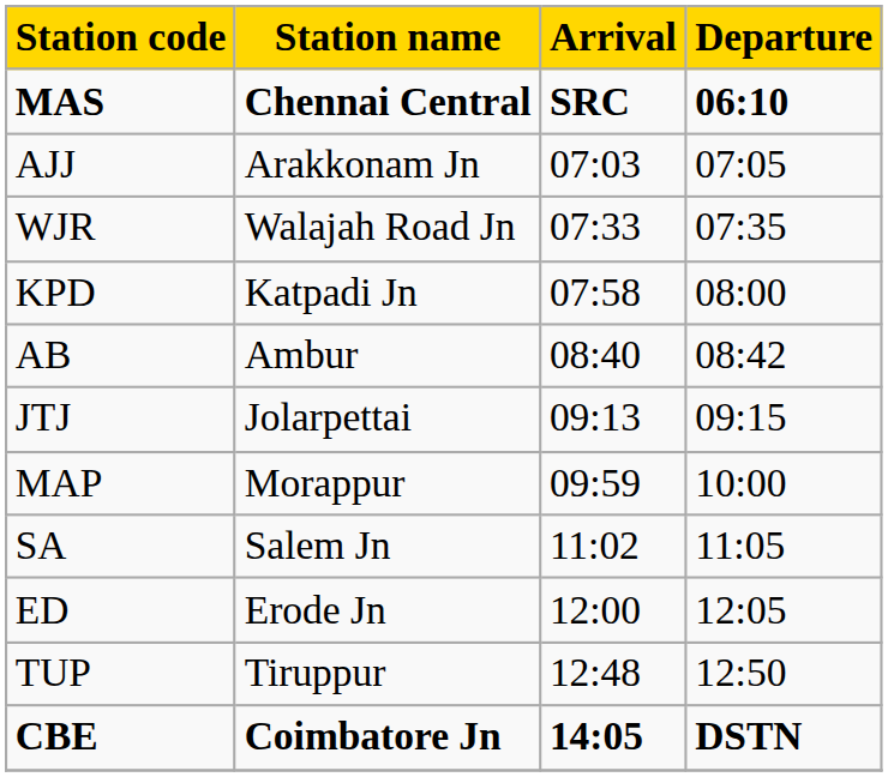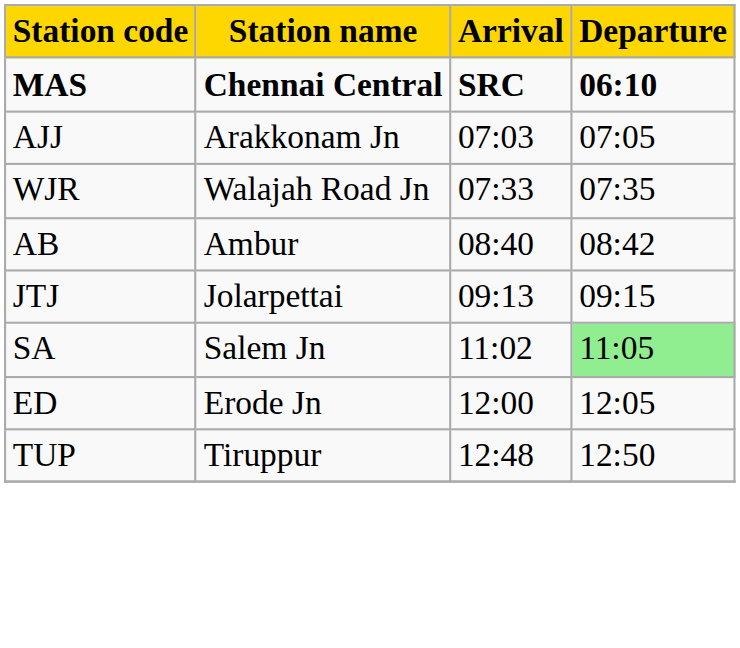 <table class="wikitable">
 <tr>
 <th style="background:gold;">Station code</th>
 <th ! style="background:gold;">Station name</th>
 <th ! style="background:gold;">Arrival</th>
 <th ! style="background:gold;">Departure</th>
 </tr>
 <tr>
 <td><strong>MAS</strong></td>
 <td><strong>Chennai Central</strong></td>
 <td><strong>SRC</strong></td>
 <td><strong>06:10</strong></td>
 </tr>
 <tr>
 <td>AJJ</td>
 <td>Arakkonam Jn</td>
 <td>07:03</td>
 <td>07:05</td>
 </tr>
 <tr>
 <td>WJR</td>
 <td>Walajah Road Jn</td>
 <td>07:33</td>
 <td>07:35</td>
 </tr>
 <tr>
-<td>KPD</td>
-<td>Katpadi Jn</td>
-<td>07:58</td>
-<td>08:00</td>
-</tr>
-<tr>
 <td>AB</td>
 <td>Ambur</td>
 <td>08:40</td>
 <td>08:42</td>
 </tr>
 <tr>
 <td>JTJ</td>
 <td>Jolarpettai</td>
 <td>09:13</td>
 <td>09:15</td>
 </tr>
 <tr>
-<td>MAP</td>
-<td>Morappur</td>
-<td>09:59</td>
-<td>10:00</td>
-</tr>
-<tr>
 <td>SA</td>
 <td>Salem Jn</td>
 <td>11:02</td>
-<td>11:05</td>
+<td style="background: lightgreen;">11:05</td>
 </tr>
 <tr>
 <td>ED</td>
 <td>Erode Jn</td>
 <td>12:00</td>
 <td>12:05</td>
 </tr>
 <tr>
 <td>TUP</td>
 <td>Tiruppur</td>
 <td>12:48</td>
 <td>12:50</td>
 </tr>
 <tr>
-<td><strong>CBE</strong></td>
-<td><strong>Coimbatore Jn</strong></td>
-<td><strong>14:05</strong></td>
-<td><strong>DSTN</strong></td>
-</tr>
-<tr>
 </tr>
 </table>
